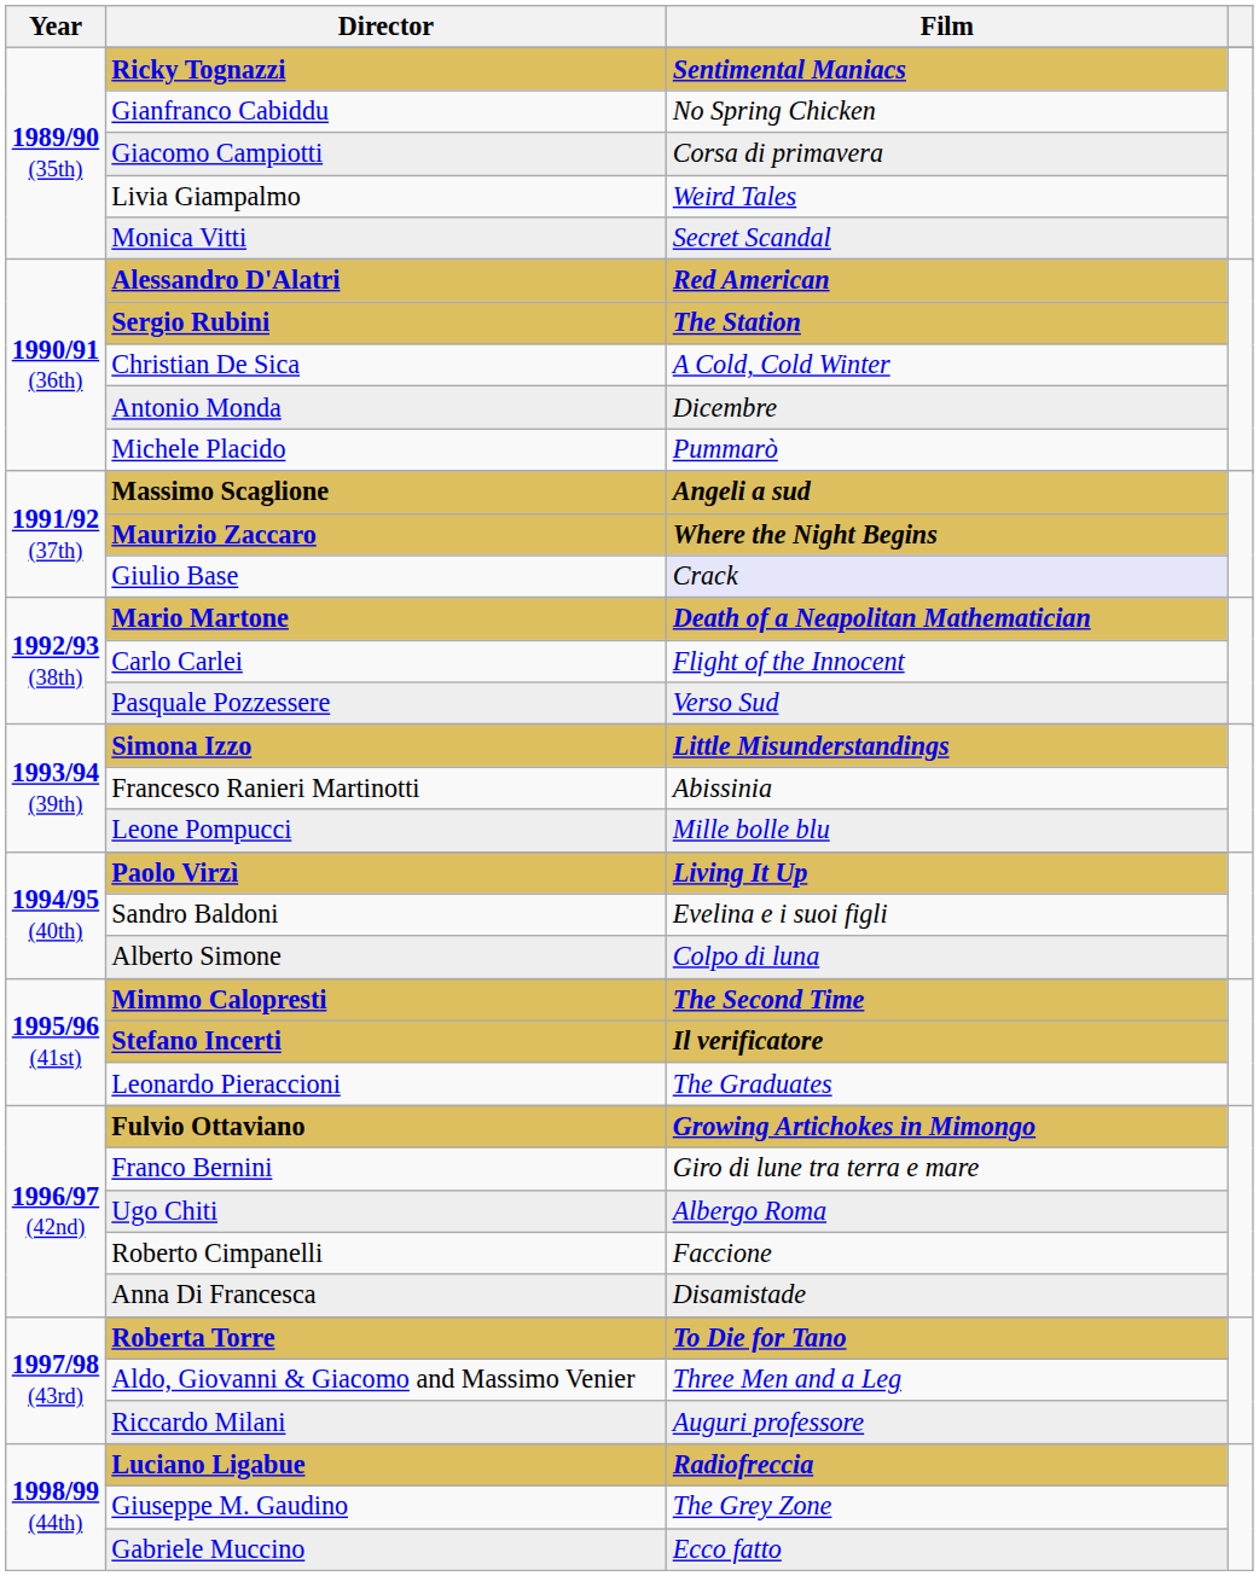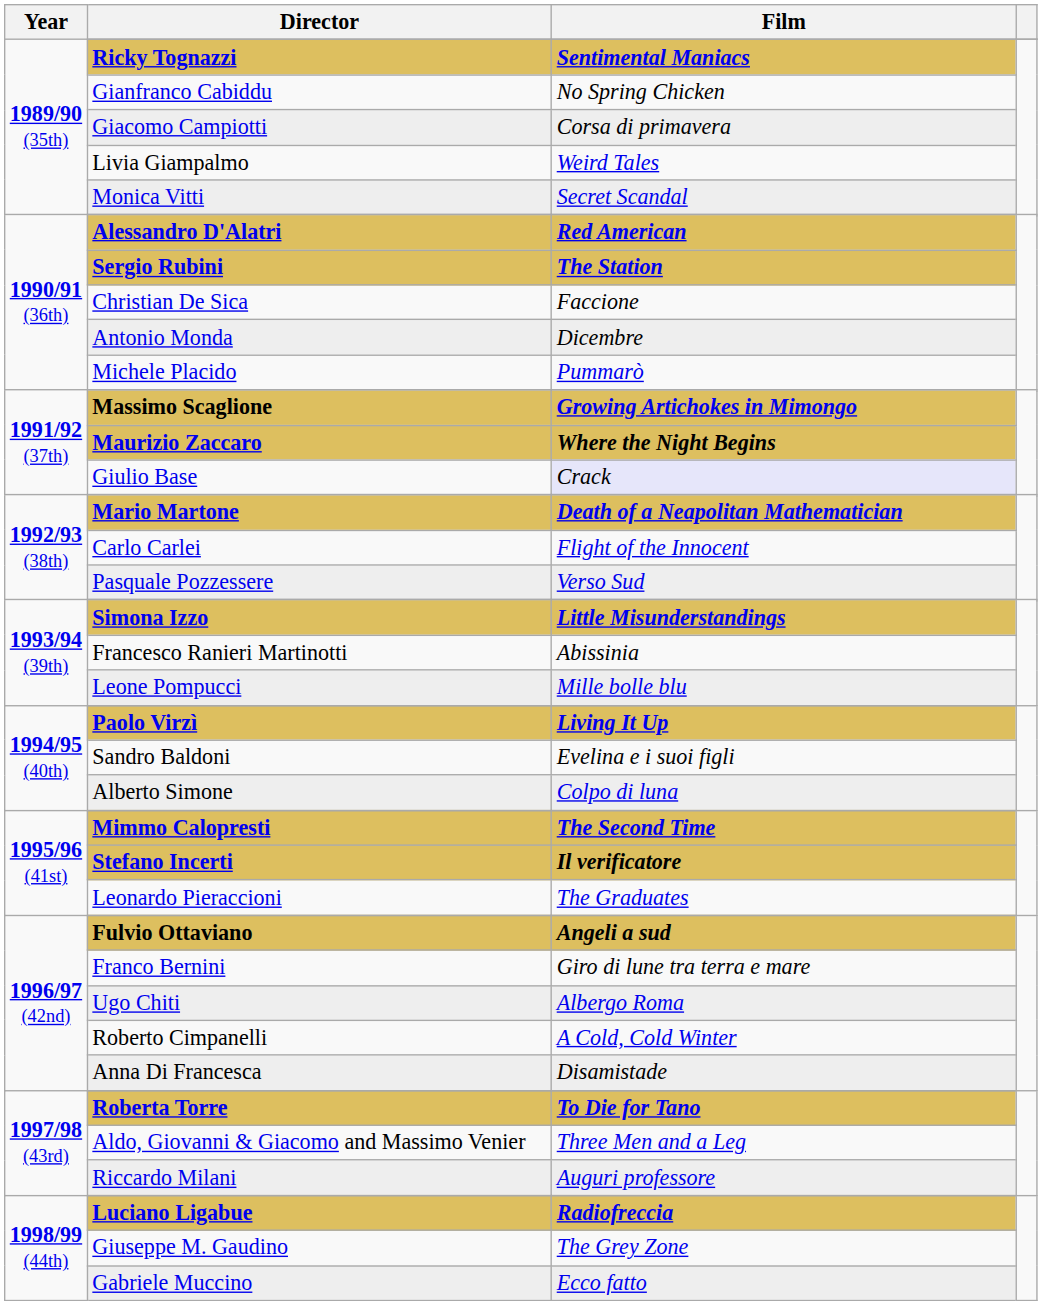 <table class="wikitable">
 <tr>
 <th width="8%">Year</th>
 <th width="45%">Director</th>
 <th width="45%">Film</th>
 <th width="2%" class="unsortable"></th>
 </tr>
 <tr>
 <td rowspan=6 style="text-align:center"><strong><a href='#'>1989/90</a></strong><br><small><a href='#'>(35th)</a></small></td>
 </tr>
 <tr>
 <td style="background:#DDBF5F"><strong><a href='#'>Ricky Tognazzi</a></strong></td>
 <td style="background:#DDBF5F"><strong><em><a href='#'>Sentimental Maniacs</a></em></strong></td>
 <td rowspan=6 style="text-align:center"></td>
 </tr>
 <tr>
 <td><a href='#'>Gianfranco Cabiddu</a></td>
 <td><em>No Spring Chicken</em></td>
 </tr>
 <tr style="background:#eee;">
 <td><a href='#'>Giacomo Campiotti</a></td>
 <td><em>Corsa di primavera</em></td>
 </tr>
 <tr>
 <td>Livia Giampalmo</td>
 <td><em><a href='#'>Weird Tales</a></em></td>
 </tr>
 <tr style="background:#eee;">
 <td><a href='#'>Monica Vitti</a></td>
 <td><em><a href='#'>Secret Scandal</a></em></td>
 </tr>
 <tr>
 <td rowspan=6 style="text-align:center"><strong><a href='#'>1990/91</a></strong><br><small><a href='#'>(36th)</a></small></td>
 </tr>
 <tr>
 <td style="background:#DDBF5F"><strong><a href='#'>Alessandro D'Alatri</a></strong></td>
 <td style="background:#DDBF5F"><strong><em><a href='#'>Red American</a></em></strong></td>
 <td rowspan=6 style="text-align:center"></td>
 </tr>
 <tr>
 <td style="background:#DDBF5F"><strong><a href='#'>Sergio Rubini</a></strong></td>
 <td style="background:#DDBF5F"><strong><em><a href='#'>The Station</a></em></strong></td>
 </tr>
 <tr>
 <td><a href='#'>Christian De Sica</a></td>
-<td><em><a href='#'>A Cold, Cold Winter</a></em></td>
+<td><em>Faccione</em></td>
 </tr>
 <tr style="background:#eee;">
 <td><a href='#'>Antonio Monda</a></td>
 <td><em>Dicembre</em></td>
 </tr>
 <tr>
 <td><a href='#'>Michele Placido</a></td>
 <td><em><a href='#'>Pummarò</a></em></td>
 </tr>
 <tr>
 <td rowspan=4 style="text-align:center"><strong><a href='#'>1991/92</a></strong><br><small><a href='#'>(37th)</a></small></td>
 </tr>
 <tr>
 <td style="background:#DDBF5F"><strong>Massimo Scaglione</strong></td>
-<td style="background:#DDBF5F"><strong><em>Angeli a sud</em></strong></td>
+<td style="background:#DDBF5F"><strong><em><a href='#'>Growing Artichokes in Mimongo</a></em></strong></td>
 <td rowspan=4 style="text-align:center"></td>
 </tr>
 <tr>
 <td style="background:#DDBF5F"><strong><a href='#'>Maurizio Zaccaro</a></strong></td>
 <td style="background:#DDBF5F"><strong><em>Where the Night Begins</em></strong></td>
 </tr>
 <tr>
 <td><a href='#'>Giulio Base</a></td>
 <td style="background: lavender;"><em>Crack</em></td>
 </tr>
 <tr>
 <td rowspan=4 style="text-align:center"><strong><a href='#'>1992/93</a></strong><br><small><a href='#'>(38th)</a></small></td>
 </tr>
 <tr>
 <td style="background:#DDBF5F"><strong><a href='#'>Mario Martone</a></strong></td>
 <td style="background:#DDBF5F"><strong><em><a href='#'>Death of a Neapolitan Mathematician</a></em></strong></td>
 <td rowspan=4 style="text-align:center"></td>
 </tr>
 <tr>
 <td><a href='#'>Carlo Carlei</a></td>
 <td><em><a href='#'>Flight of the Innocent</a></em></td>
 </tr>
 <tr style="background:#eee;">
 <td><a href='#'>Pasquale Pozzessere</a></td>
 <td><em><a href='#'>Verso Sud</a></em></td>
 </tr>
 <tr>
 <td rowspan=4 style="text-align:center"><strong><a href='#'>1993/94</a></strong><br><small><a href='#'>(39th)</a></small></td>
 </tr>
 <tr>
 <td style="background:#DDBF5F"><strong><a href='#'>Simona Izzo</a></strong></td>
 <td style="background:#DDBF5F"><strong><em><a href='#'>Little Misunderstandings</a></em></strong></td>
 <td rowspan=4 style="text-align:center"></td>
 </tr>
 <tr>
 <td>Francesco Ranieri Martinotti</td>
 <td><em>Abissinia</em></td>
 </tr>
 <tr style="background:#eee;">
 <td><a href='#'>Leone Pompucci</a></td>
 <td><em><a href='#'>Mille bolle blu</a></em></td>
 </tr>
 <tr>
 <td rowspan=4 style="text-align:center"><strong><a href='#'>1994/95</a></strong><br><small><a href='#'>(40th)</a></small></td>
 </tr>
 <tr>
 <td style="background:#DDBF5F"><strong><a href='#'>Paolo Virzì</a></strong></td>
 <td style="background:#DDBF5F"><strong><em><a href='#'>Living It Up</a></em></strong></td>
 <td rowspan=4 style="text-align:center"></td>
 </tr>
 <tr>
 <td>Sandro Baldoni</td>
 <td><em>Evelina e i suoi figli</em></td>
 </tr>
 <tr style="background:#eee;">
 <td>Alberto Simone</td>
 <td><em><a href='#'>Colpo di luna</a></em></td>
 </tr>
 <tr>
 <td rowspan=4 style="text-align:center"><strong><a href='#'>1995/96</a></strong><br><small><a href='#'>(41st)</a></small></td>
 </tr>
 <tr>
 <td style="background:#DDBF5F"><strong><a href='#'>Mimmo Calopresti</a></strong></td>
 <td style="background:#DDBF5F"><strong><em><a href='#'>The Second Time</a></em></strong></td>
 <td rowspan=4 style="text-align:center"></td>
 </tr>
 <tr>
 <td style="background:#DDBF5F"><strong><a href='#'>Stefano Incerti</a></strong></td>
 <td style="background:#DDBF5F"><strong><em>Il verificatore</em></strong></td>
 </tr>
 <tr>
 <td><a href='#'>Leonardo Pieraccioni</a></td>
 <td><em><a href='#'>The Graduates</a></em></td>
 </tr>
 <tr>
 <td rowspan=6 style="text-align:center"><strong><a href='#'>1996/97</a></strong><br><small><a href='#'>(42nd)</a></small></td>
 </tr>
 <tr>
 <td style="background:#DDBF5F"><strong>Fulvio Ottaviano</strong></td>
-<td style="background:#DDBF5F"><strong><em><a href='#'>Growing Artichokes in Mimongo</a></em></strong></td>
+<td style="background:#DDBF5F"><strong><em>Angeli a sud</em></strong></td>
 <td rowspan=6 style="text-align:center"></td>
 </tr>
 <tr>
 <td><a href='#'>Franco Bernini</a></td>
 <td><em>Giro di lune tra terra e mare</em></td>
 </tr>
 <tr style="background:#eee;">
 <td><a href='#'>Ugo Chiti</a></td>
 <td><em><a href='#'>Albergo Roma</a></em></td>
 </tr>
 <tr>
 <td>Roberto Cimpanelli</td>
-<td><em>Faccione</em></td>
+<td><em><a href='#'>A Cold, Cold Winter</a></em></td>
 </tr>
 <tr style="background:#eee;">
 <td>Anna Di Francesca</td>
 <td><em>Disamistade</em></td>
 </tr>
 <tr>
 <td rowspan=4 style="text-align:center"><strong><a href='#'>1997/98</a></strong><br><small><a href='#'>(43rd)</a></small></td>
 </tr>
 <tr>
 <td style="background:#DDBF5F"><strong><a href='#'>Roberta Torre</a></strong></td>
 <td style="background:#DDBF5F"><strong><em><a href='#'>To Die for Tano</a></em></strong></td>
 <td rowspan=4 style="text-align:center"></td>
 </tr>
 <tr>
 <td><a href='#'>Aldo, Giovanni & Giacomo</a> and Massimo Venier</td>
 <td><em><a href='#'>Three Men and a Leg</a></em></td>
 </tr>
 <tr style="background:#eee;">
 <td><a href='#'>Riccardo Milani</a></td>
 <td><em><a href='#'>Auguri professore</a></em></td>
 </tr>
 <tr>
 <td rowspan=4 style="text-align:center"><strong><a href='#'>1998/99</a></strong><br><small><a href='#'>(44th)</a></small></td>
 </tr>
 <tr>
 <td style="background:#DDBF5F"><strong><a href='#'>Luciano Ligabue</a></strong></td>
 <td style="background:#DDBF5F"><strong><em><a href='#'>Radiofreccia</a></em></strong></td>
 <td rowspan=4 style="text-align:center"></td>
 </tr>
 <tr>
 <td><a href='#'>Giuseppe M. Gaudino</a></td>
 <td><em><a href='#'>The Grey Zone</a></em></td>
 </tr>
 <tr style="background:#eee;">
 <td><a href='#'>Gabriele Muccino</a></td>
 <td><em><a href='#'>Ecco fatto</a></em></td>
 </tr>
 </table>
